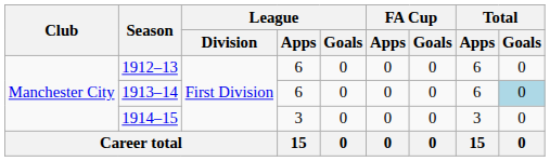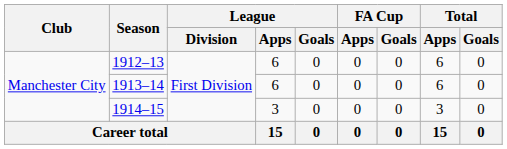 <table class="wikitable" style="text-align:center">
 <tr>
 <th rowspan="2">Club</th>
 <th rowspan="2">Season</th>
 <th colspan="3">League</th>
 <th colspan="2">FA Cup</th>
 <th colspan="2">Total</th>
 </tr>
 <tr>
 <th>Division</th>
 <th>Apps</th>
 <th>Goals</th>
 <th>Apps</th>
 <th>Goals</th>
 <th>Apps</th>
 <th>Goals</th>
 </tr>
 <tr>
 <td rowspan="3"><a href='#'>Manchester City</a></td>
 <td><a href='#'>1912–13</a></td>
 <td rowspan="3"><a href='#'>First Division</a></td>
 <td>6</td>
 <td>0</td>
 <td>0</td>
 <td>0</td>
 <td>6</td>
 <td>0</td>
 </tr>
 <tr>
 <td><a href='#'>1913–14</a></td>
 <td>6</td>
 <td>0</td>
 <td>0</td>
 <td>0</td>
 <td>6</td>
-<td style="background: lightblue;">0</td>
+<td>0</td>
 </tr>
 <tr>
 <td><a href='#'>1914–15</a></td>
 <td>3</td>
 <td>0</td>
 <td>0</td>
 <td>0</td>
 <td>3</td>
 <td>0</td>
 </tr>
 <tr>
 <th colspan="3">Career total</th>
 <th>15</th>
 <th>0</th>
 <th>0</th>
 <th>0</th>
 <th>15</th>
 <th>0</th>
 </tr>
 </table>
